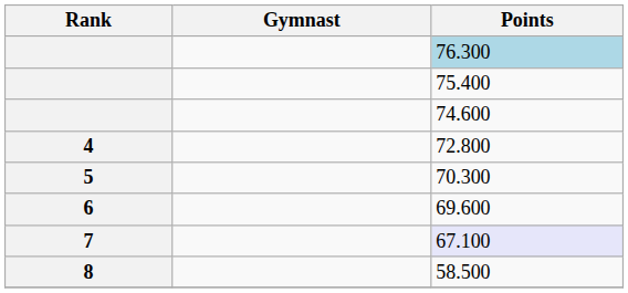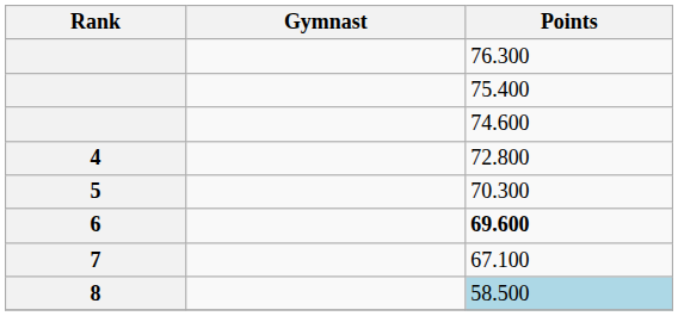 <table class="wikitable" width=500>
 <tr bgcolor="#efefef">
 <th>Rank</th>
 <th>Gymnast</th>
 <th>Points</th>
 </tr>
 <tr>
 <th></th>
 <td></td>
-<td style="background: lightblue;">76.300</td>
+<td>76.300</td>
 </tr>
 <tr>
 <th></th>
 <td></td>
 <td>75.400</td>
 </tr>
 <tr>
 <th></th>
 <td></td>
 <td>74.600</td>
 </tr>
 <tr>
 <th>4</th>
 <td></td>
 <td>72.800</td>
 </tr>
 <tr>
 <th>5</th>
 <td></td>
 <td>70.300</td>
 </tr>
 <tr>
 <th>6</th>
 <td></td>
-<td>69.600</td>
+<td><strong>69.600</strong></td>
 </tr>
 <tr>
 <th>7</th>
 <td></td>
-<td style="background: lavender;">67.100</td>
+<td>67.100</td>
 </tr>
 <tr>
 <th>8</th>
 <td></td>
-<td>58.500</td>
+<td style="background: lightblue;">58.500</td>
 </tr>
 <tr>
 </tr>
 </table>
